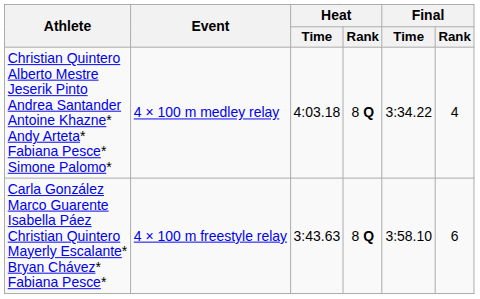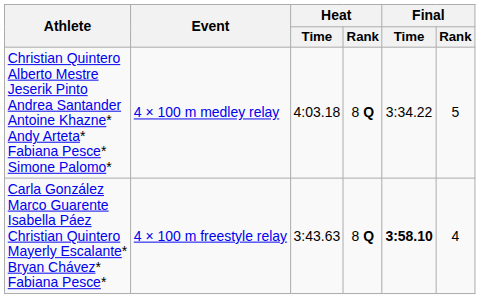 <table class=wikitable style=font-size:90%;text-align:center>
 <tr>
 <th rowspan=2>Athlete</th>
 <th rowspan=2>Event</th>
 <th colspan=2>Heat</th>
 <th colspan=2>Final</th>
 </tr>
 <tr style=font-size:95%>
 <th>Time</th>
 <th>Rank</th>
 <th>Time</th>
 <th>Rank</th>
 </tr>
 <tr>
 <td align=left><a href='#'>Christian Quintero</a><br><a href='#'>Alberto Mestre</a><br><a href='#'>Jeserik Pinto</a><br><a href='#'>Andrea Santander</a><br><a href='#'>Antoine Khazne</a>*<br><a href='#'>Andy Arteta</a>*<br><a href='#'>Fabiana Pesce</a>*<br><a href='#'>Simone Palomo</a>*</td>
 <td align=left><a href='#'>4 × 100 m medley relay</a></td>
 <td>4:03.18</td>
 <td>8 <strong>Q</strong></td>
 <td>3:34.22</td>
-<td>4</td>
+<td>5</td>
 </tr>
 <tr>
 <td align=left><a href='#'>Carla González</a><br><a href='#'>Marco Guarente</a><br><a href='#'>Isabella Páez</a><br><a href='#'>Christian Quintero</a><br><a href='#'>Mayerly Escalante</a>*<br><a href='#'>Bryan Chávez</a>*<br><a href='#'>Fabiana Pesce</a>*</td>
 <td align=left><a href='#'>4 × 100 m freestyle relay</a></td>
 <td>3:43.63</td>
 <td>8 <strong>Q</strong></td>
-<td>3:58.10</td>
-<td>6</td>
+<td><strong>3:58.10</strong></td>
+<td>4</td>
 </tr>
 </table>
